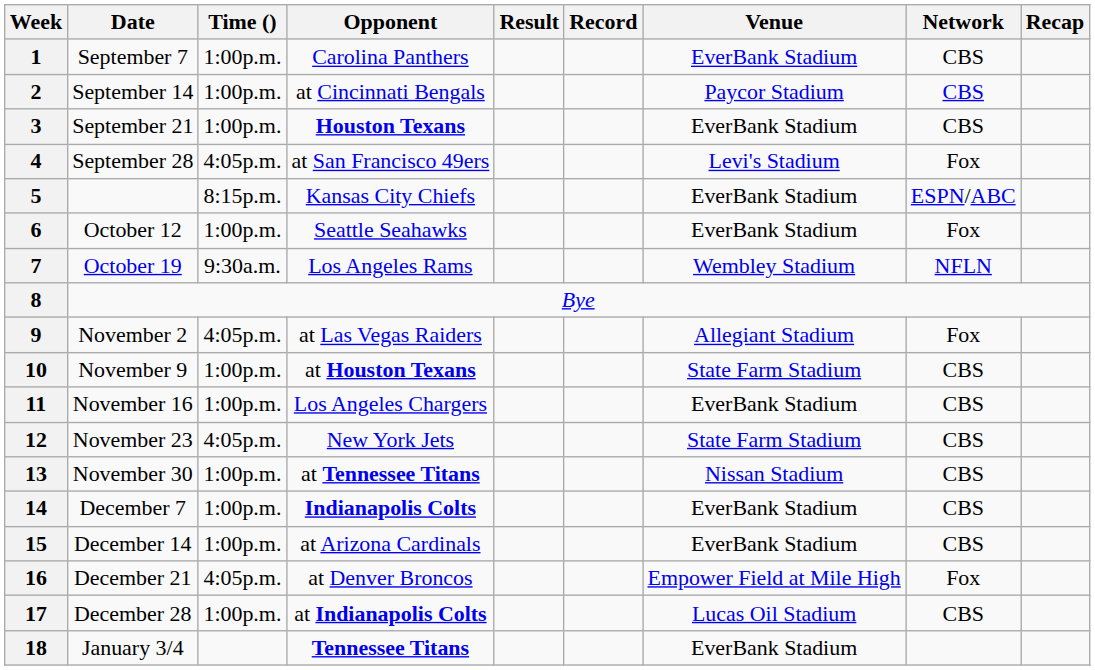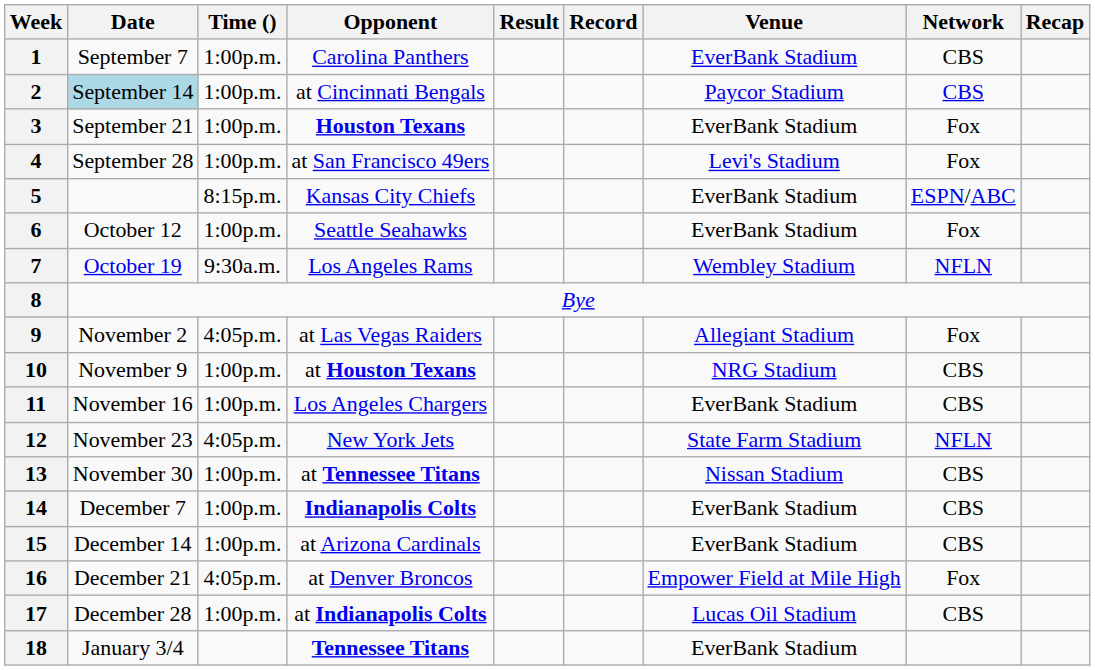 <table class="wikitable" style="text-align:center">
 <tr>
 <th>Week</th>
 <th>Date</th>
 <th>Time (<a href='#'></a>)</th>
 <th>Opponent</th>
 <th>Result</th>
 <th>Record</th>
 <th>Venue</th>
 <th>Network</th>
 <th>Recap</th>
 </tr>
 <tr>
 <th>1 </th>
 <td>September 7</td>
 <td>1:00p.m.</td>
 <td><a href='#'>Carolina Panthers</a></td>
 <td></td>
 <td></td>
 <td><a href='#'>EverBank Stadium</a></td>
 <td>CBS</td>
 <td></td>
 </tr>
 <tr>
 <th>2 </th>
-<td>September 14</td>
+<td style="background: lightblue;">September 14</td>
 <td>1:00p.m.</td>
 <td>at <a href='#'>Cincinnati Bengals</a></td>
 <td></td>
 <td></td>
 <td><a href='#'>Paycor Stadium</a></td>
 <td><a href='#'>CBS</a></td>
 <td></td>
 </tr>
 <tr>
 <th>3 </th>
 <td>September 21</td>
 <td>1:00p.m.</td>
 <td><strong><a href='#'>Houston Texans</a></strong></td>
 <td></td>
 <td></td>
 <td>EverBank Stadium</td>
-<td>CBS</td>
+<td>Fox</td>
 <td></td>
 </tr>
 <tr>
 <th>4 </th>
 <td>September 28</td>
-<td>4:05p.m.</td>
+<td>1:00p.m.</td>
 <td>at <a href='#'>San Francisco 49ers</a></td>
 <td></td>
 <td></td>
 <td><a href='#'>Levi's Stadium</a></td>
 <td>Fox</td>
 <td></td>
 </tr>
 <tr>
 <th>5 </th>
 <td></td>
 <td>8:15p.m.</td>
 <td><a href='#'>Kansas City Chiefs</a></td>
 <td></td>
 <td></td>
 <td>EverBank Stadium</td>
 <td><a href='#'>ESPN</a>/<a href='#'>ABC</a></td>
 <td></td>
 </tr>
 <tr>
 <th>6 </th>
 <td>October 12</td>
 <td>1:00p.m.</td>
 <td><a href='#'>Seattle Seahawks</a></td>
 <td></td>
 <td></td>
 <td>EverBank Stadium</td>
 <td>Fox</td>
 <td></td>
 </tr>
 <tr>
 <th>7 </th>
 <td><a href='#'>October 19</a></td>
 <td>9:30a.m.</td>
 <td><a href='#'>Los Angeles Rams</a></td>
 <td></td>
 <td></td>
 <td> <a href='#'>Wembley Stadium</a> </td>
 <td><a href='#'>NFLN</a></td>
 <td></td>
 </tr>
 <tr>
 <th>8</th>
 <td colspan=8><em><a href='#'>Bye</a></em></td>
 </tr>
 <tr>
 <th>9 </th>
 <td>November 2</td>
 <td>4:05p.m.</td>
 <td>at <a href='#'>Las Vegas Raiders</a></td>
 <td></td>
 <td></td>
 <td><a href='#'>Allegiant Stadium</a></td>
 <td>Fox</td>
 <td></td>
 </tr>
 <tr>
 <th>10 </th>
 <td>November 9</td>
 <td>1:00p.m.</td>
 <td>at <strong><a href='#'>Houston Texans</a></strong></td>
 <td></td>
 <td></td>
-<td><a href='#'>State Farm Stadium</a></td>
+<td><a href='#'>NRG Stadium</a></td>
 <td>CBS</td>
 <td></td>
 </tr>
 <tr>
 <th>11 </th>
 <td>November 16</td>
 <td>1:00p.m.</td>
 <td><a href='#'>Los Angeles Chargers</a></td>
 <td></td>
 <td></td>
 <td>EverBank Stadium</td>
 <td>CBS</td>
 <td></td>
 </tr>
 <tr>
 <th>12 </th>
 <td>November 23</td>
 <td>4:05p.m.</td>
 <td><a href='#'>New York Jets</a></td>
 <td></td>
 <td></td>
 <td><a href='#'>State Farm Stadium</a></td>
-<td>CBS</td>
+<td><a href='#'>NFLN</a></td>
 <td></td>
 </tr>
 <tr>
 <th>13 </th>
 <td>November 30</td>
 <td>1:00p.m.</td>
 <td>at <strong><a href='#'>Tennessee Titans</a></strong></td>
 <td></td>
 <td></td>
 <td><a href='#'>Nissan Stadium</a></td>
 <td>CBS</td>
 <td></td>
 </tr>
 <tr>
 <th>14 </th>
 <td>December 7</td>
 <td>1:00p.m.</td>
 <td><strong><a href='#'>Indianapolis Colts</a></strong></td>
 <td></td>
 <td></td>
 <td>EverBank Stadium</td>
 <td>CBS</td>
 <td></td>
 </tr>
 <tr>
 <th>15 </th>
 <td>December 14</td>
 <td>1:00p.m.</td>
 <td>at <a href='#'>Arizona Cardinals</a></td>
 <td></td>
 <td></td>
 <td>EverBank Stadium</td>
 <td>CBS</td>
 <td></td>
 </tr>
 <tr>
 <th>16 </th>
 <td>December 21</td>
 <td>4:05p.m.</td>
 <td>at <a href='#'>Denver Broncos</a></td>
 <td></td>
 <td></td>
 <td><a href='#'>Empower Field at Mile High</a></td>
 <td>Fox</td>
 <td></td>
 </tr>
 <tr>
 <th>17 </th>
 <td>December 28</td>
 <td>1:00p.m.</td>
 <td>at <strong><a href='#'>Indianapolis Colts</a></strong></td>
 <td></td>
 <td></td>
 <td><a href='#'>Lucas Oil Stadium</a></td>
 <td>CBS</td>
 <td></td>
 </tr>
 <tr>
 <th>18 </th>
 <td>January 3/4</td>
 <td></td>
 <td><strong><a href='#'>Tennessee Titans</a></strong></td>
 <td></td>
 <td></td>
 <td>EverBank Stadium</td>
 <td></td>
 <td></td>
 </tr>
 </table>
